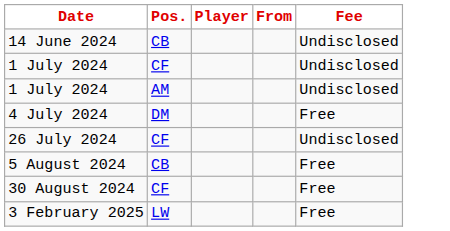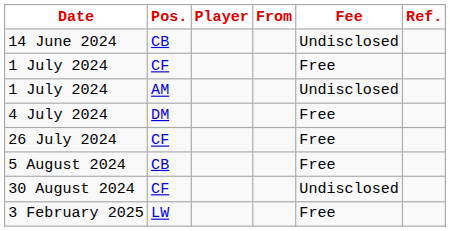 <table class="wikitable plainrowheaders sortable">
 <tr>
 <th style="background:white; color:#E00000; ">Date</th>
 <th style="background:white; color:#E00000; ">Pos.</th>
 <th style="background:white; color:#E00000; ">Player</th>
 <th style="background:white; color:#E00000; ">From</th>
 <th style="background:white; color:#E00000; ">Fee</th>
+<th style="background:white; color:#E00000; ">Ref.</th>
 </tr>
 <tr>
 <td>14 June 2024</td>
 <td><a href='#'>CB</a></td>
 <td></td>
 <td></td>
 <td>Undisclosed</td>
+<td></td>
 </tr>
 <tr>
 <td>1 July 2024</td>
 <td><a href='#'>CF</a></td>
 <td></td>
 <td></td>
-<td>Undisclosed</td>
+<td>Free</td>
+<td></td>
 </tr>
 <tr>
 <td>1 July 2024</td>
 <td><a href='#'>AM</a></td>
 <td></td>
 <td></td>
 <td>Undisclosed</td>
+<td></td>
 </tr>
 <tr>
 <td>4 July 2024</td>
 <td><a href='#'>DM</a></td>
 <td></td>
 <td></td>
 <td>Free</td>
+<td></td>
 </tr>
 <tr>
 <td>26 July 2024</td>
 <td><a href='#'>CF</a></td>
 <td></td>
 <td></td>
-<td>Undisclosed</td>
+<td>Free</td>
+<td></td>
 </tr>
 <tr>
 <td>5 August 2024</td>
 <td><a href='#'>CB</a></td>
 <td></td>
 <td></td>
 <td>Free</td>
+<td></td>
 </tr>
 <tr>
 <td>30 August 2024</td>
 <td><a href='#'>CF</a></td>
 <td></td>
 <td></td>
-<td>Free</td>
+<td>Undisclosed</td>
+<td></td>
 </tr>
 <tr>
 <td>3 February 2025</td>
 <td><a href='#'>LW</a></td>
 <td></td>
 <td></td>
 <td>Free</td>
+<td></td>
 </tr>
 </table>
